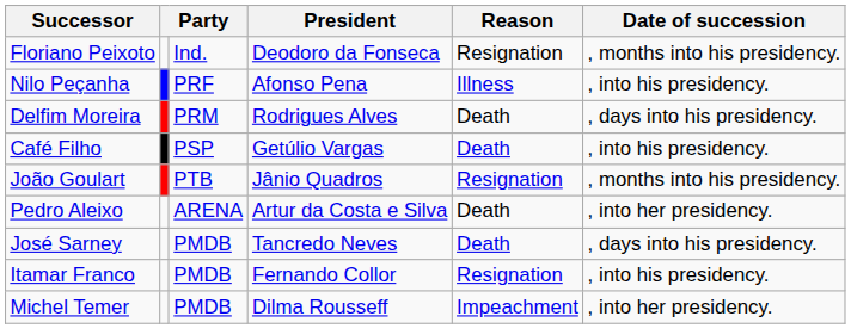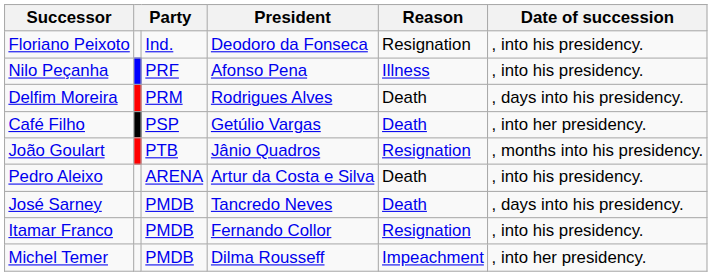 <table class="wikitable sortable">
 <tr>
 <th>Successor</th>
 <th colspan="2">Party</th>
 <th>President</th>
 <th>Reason</th>
 <th>Date of succession</th>
 </tr>
 <tr>
 <td><a href='#'>Floriano Peixoto</a></td>
 <td style="background-color:"></td>
 <td><a href='#'>Ind.</a></td>
 <td><a href='#'>Deodoro da Fonseca</a></td>
 <td>Resignation</td>
-<td>,  months into his presidency.</td>
+<td>,  into his presidency.</td>
 </tr>
 <tr>
 <td><a href='#'>Nilo Peçanha</a></td>
 <td style="background-color:#0000FF"></td>
 <td><a href='#'>PRF</a></td>
 <td><a href='#'>Afonso Pena</a></td>
 <td><a href='#'>Illness</a></td>
 <td>,  into his presidency.</td>
 </tr>
 <tr>
 <td><a href='#'>Delfim Moreira</a></td>
 <td style="background-color:#FF0000"></td>
 <td><a href='#'>PRM</a></td>
 <td><a href='#'>Rodrigues Alves</a></td>
 <td>Death</td>
 <td>,  days into his presidency.</td>
 </tr>
 <tr>
 <td><a href='#'>Café Filho</a></td>
 <td style="background-color:#000000"></td>
 <td><a href='#'>PSP</a></td>
 <td><a href='#'>Getúlio Vargas</a></td>
 <td><a href='#'>Death</a></td>
-<td>,  into his presidency.</td>
+<td>,  into her presidency.</td>
 </tr>
 <tr>
 <td><a href='#'>João Goulart</a></td>
 <td style="background-color:#FF0000"></td>
 <td><a href='#'>PTB</a></td>
 <td><a href='#'>Jânio Quadros</a></td>
 <td><a href='#'>Resignation</a></td>
 <td>,  months into his presidency.</td>
 </tr>
 <tr>
 <td><a href='#'>Pedro Aleixo</a></td>
 <td style="background-color:"></td>
 <td><a href='#'>ARENA</a></td>
 <td><a href='#'>Artur da Costa e Silva</a></td>
 <td>Death</td>
-<td>,  into her presidency.</td>
+<td>,  into his presidency.</td>
 </tr>
 <tr>
 <td><a href='#'>José Sarney</a></td>
 <td style="background-color:"></td>
 <td><a href='#'>PMDB</a></td>
 <td><a href='#'>Tancredo Neves</a></td>
 <td><a href='#'>Death</a></td>
 <td>,  days into his presidency.</td>
 </tr>
 <tr>
 <td><a href='#'>Itamar Franco</a></td>
 <td style="background-color:"></td>
 <td><a href='#'>PMDB</a></td>
 <td><a href='#'>Fernando Collor</a></td>
 <td><a href='#'>Resignation</a></td>
 <td>,  into his presidency.</td>
 </tr>
 <tr>
 <td><a href='#'>Michel Temer</a></td>
 <td style="background-color:"></td>
 <td><a href='#'>PMDB</a></td>
 <td><a href='#'>Dilma Rousseff</a></td>
 <td><a href='#'>Impeachment</a></td>
 <td>,  into her presidency.</td>
 </tr>
 </table>
